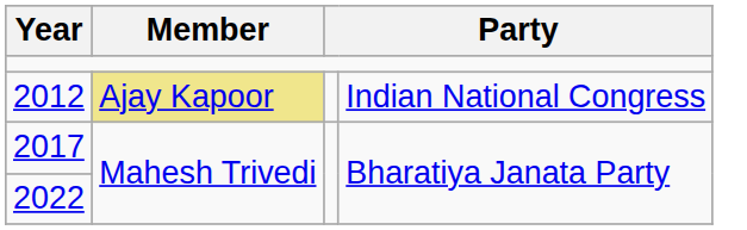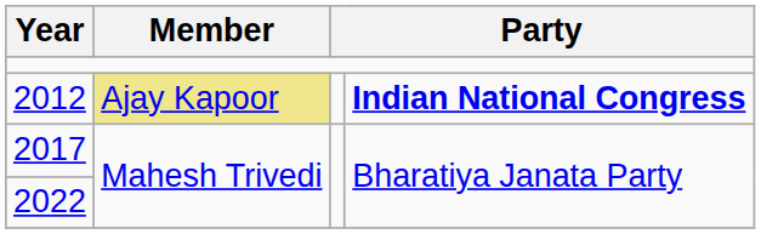 <table class="wikitable">
 <tr>
 <th>Year</th>
 <th>Member</th>
 <th colspan="2">Party</th>
 </tr>
 <tr>
 <td colspan="4"></td>
 </tr>
 <tr>
 <td><a href='#'>2012</a></td>
 <td style="background: khaki;"><a href='#'>Ajay Kapoor</a></td>
 <td style="background-color: "></td>
-<td><a href='#'>Indian National Congress</a></td>
+<td><strong><a href='#'>Indian National Congress</a></strong></td>
 </tr>
 <tr>
 <td><a href='#'>2017</a></td>
 <td rowspan="2"><a href='#'>Mahesh Trivedi</a></td>
 <td rowspan="2" style="background-color: "></td>
 <td rowspan="2"><a href='#'>Bharatiya Janata Party</a></td>
 </tr>
 <tr>
 <td><a href='#'>2022</a></td>
 </tr>
 </table>
